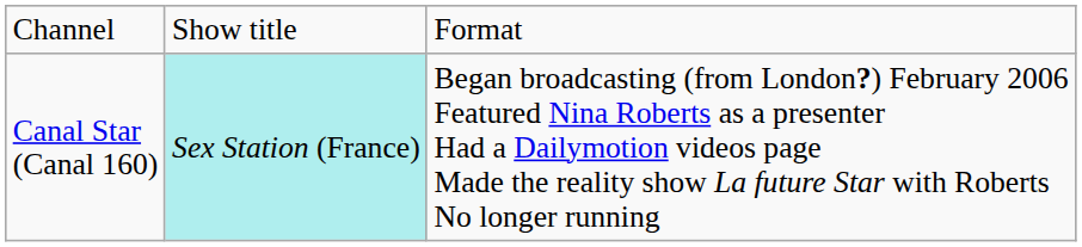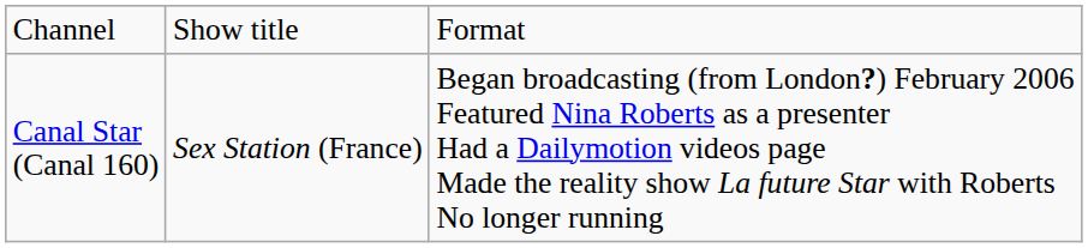 <table class="wikitable">
 <tr>
 <td>Channel</td>
 <td>Show title</td>
 <td>Format</td>
 </tr>
 <tr>
 <td><a href='#'>Canal Star</a> <br> (Canal 160)</td>
-<td style="background: paleturquoise;"><em>Sex Station</em> (France)</td>
+<td><em>Sex Station</em> (France)</td>
 <td>Began broadcasting (from London<strong>?</strong>) February 2006 <br> Featured <a href='#'>Nina Roberts</a> as a presenter <br> Had a <a href='#'>Dailymotion</a> videos page  <br> Made the reality show <em>La future Star</em> with Roberts <br> No longer running</td>
 </tr>
 </table>
